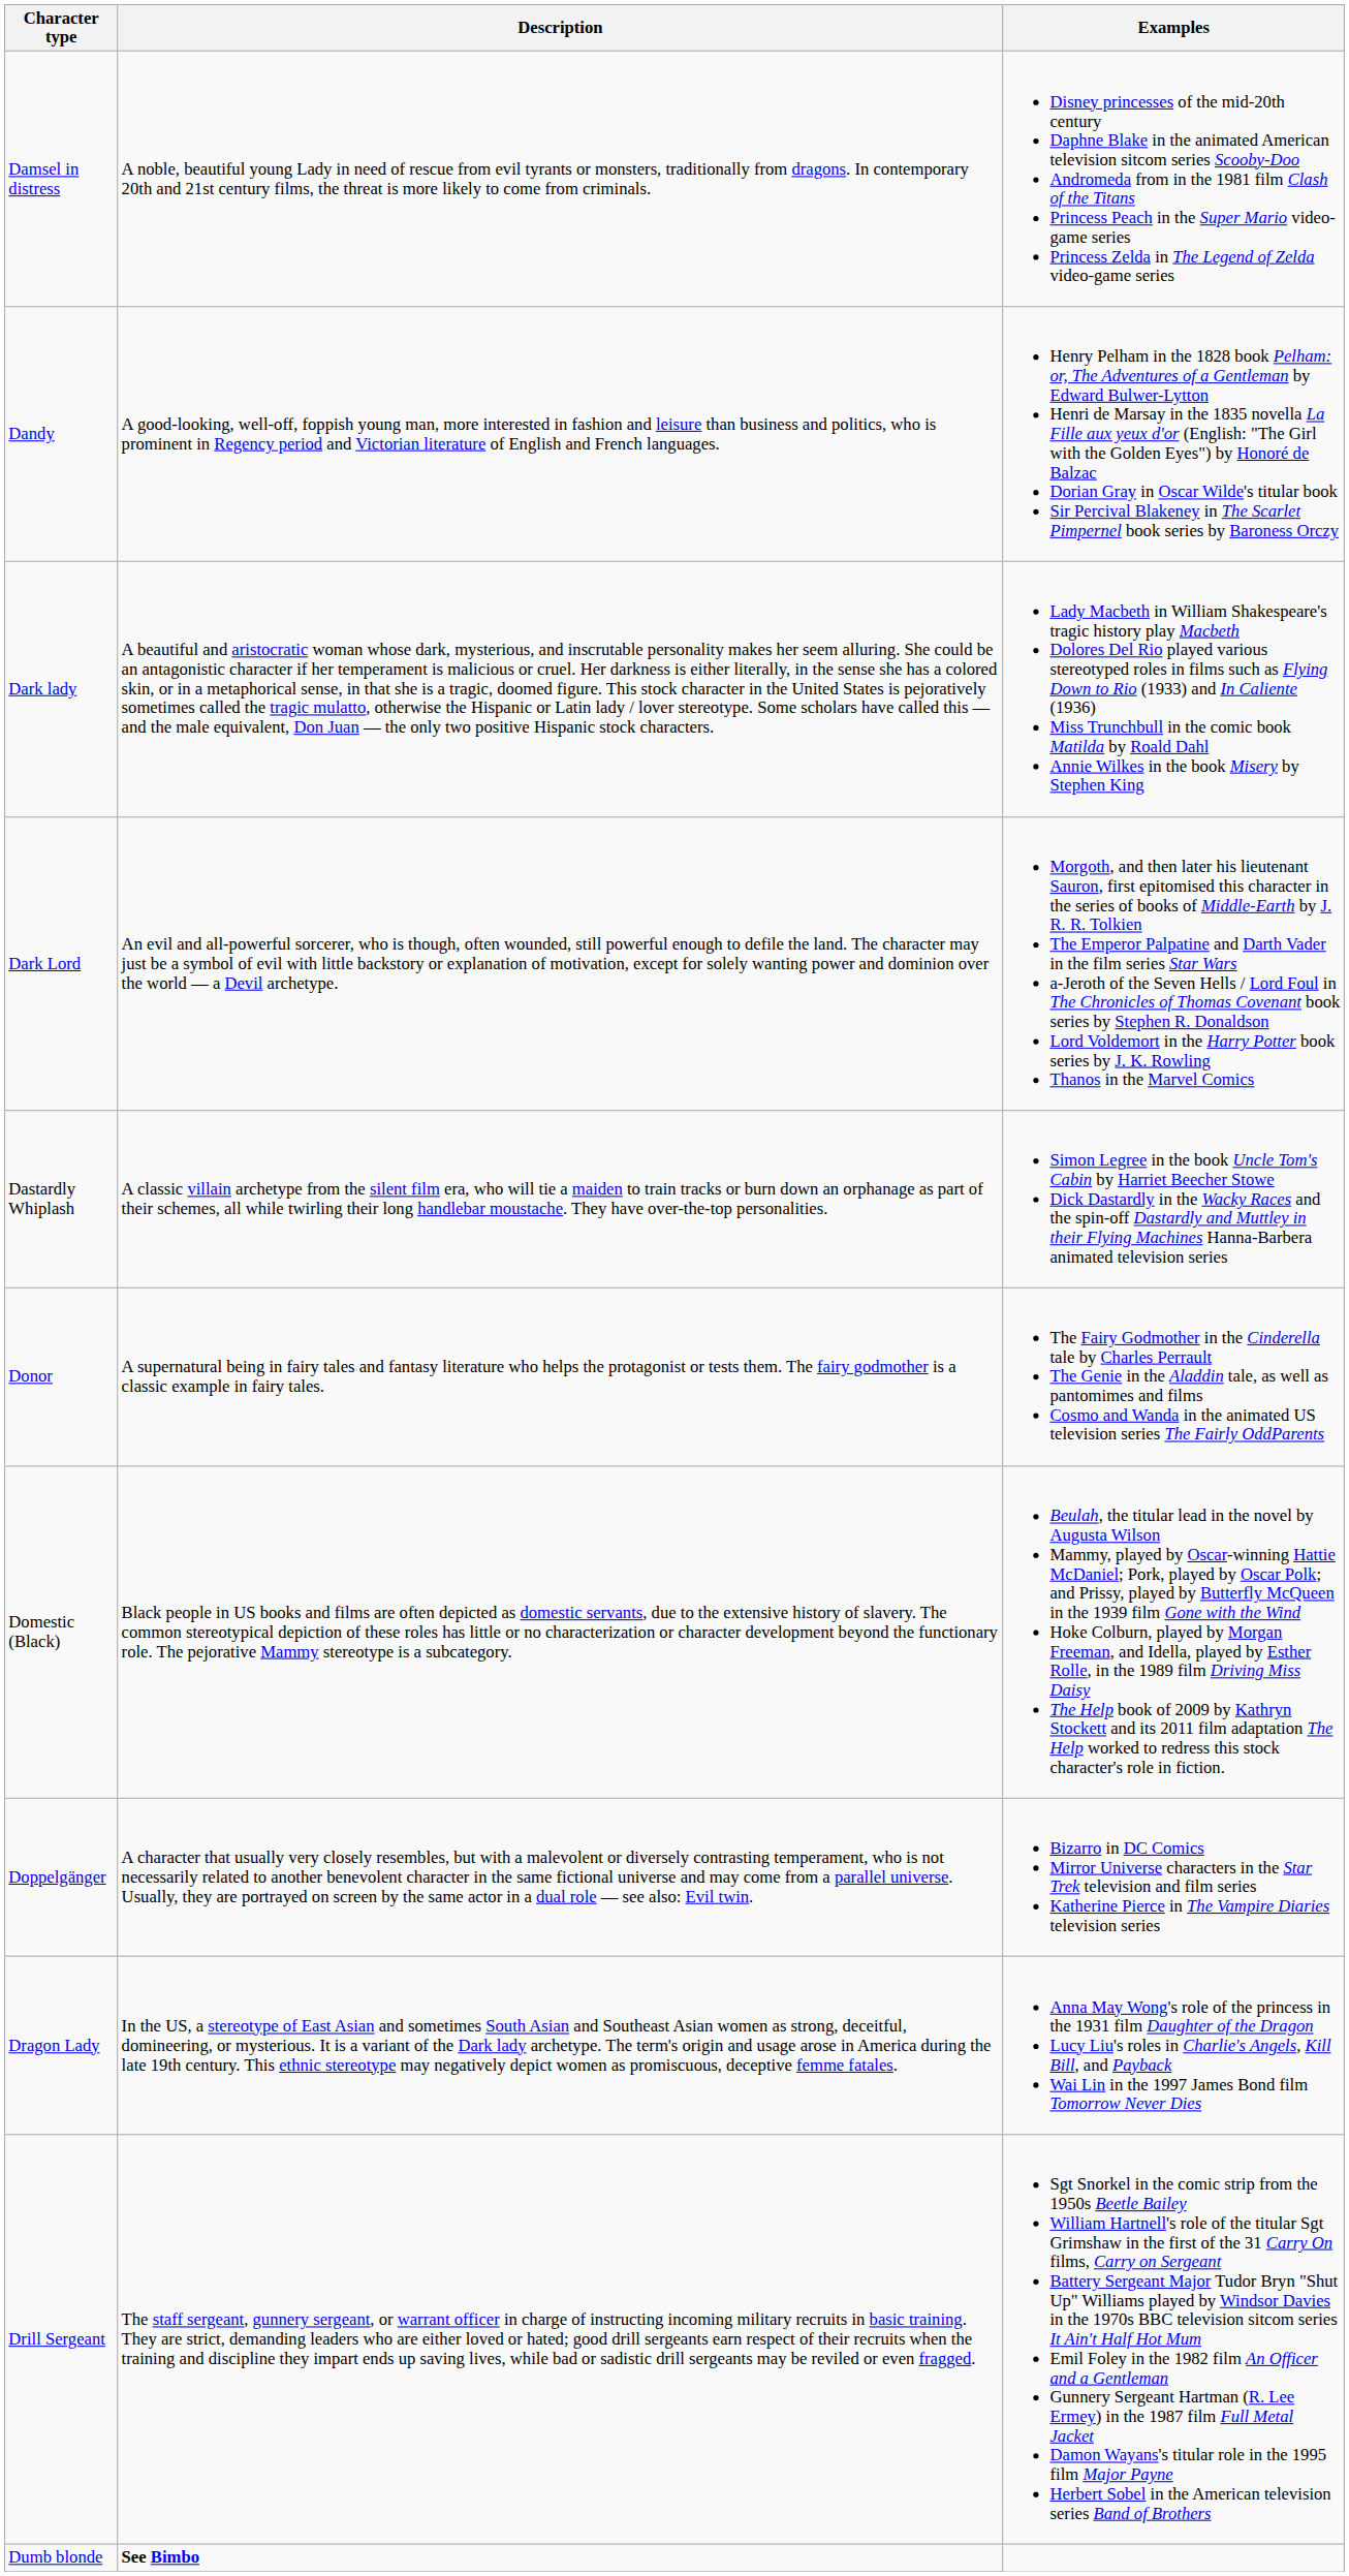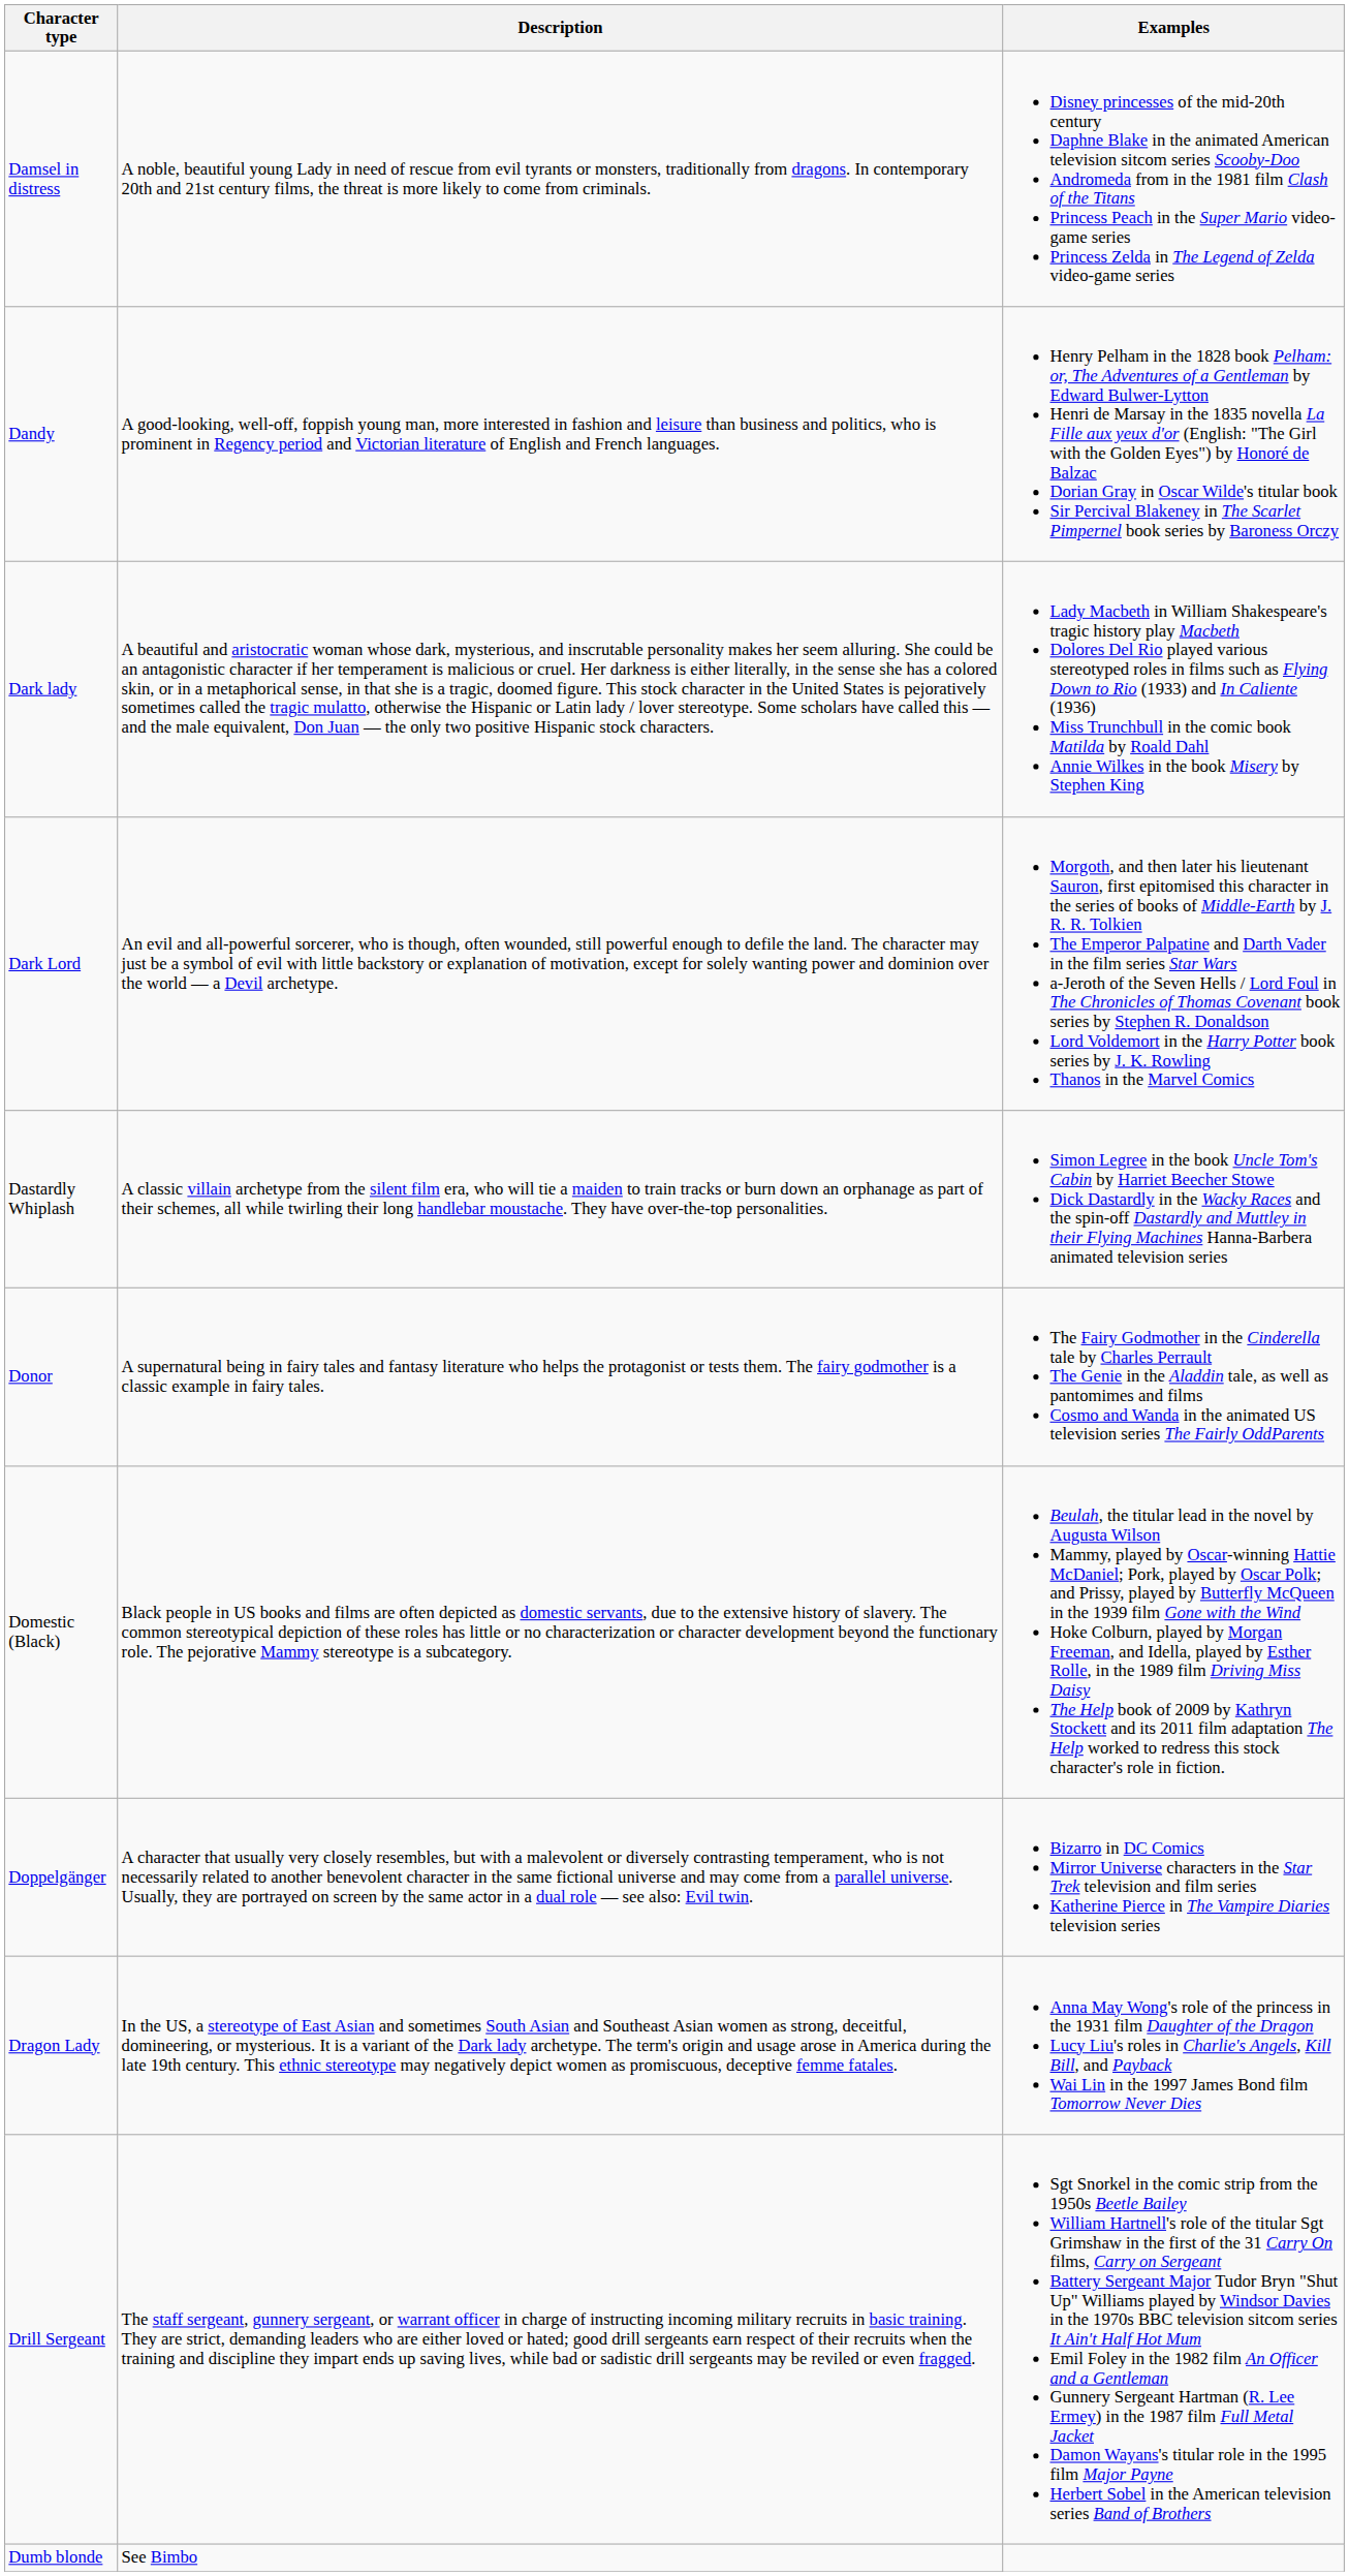 <table class="wikitable">
 <tr>
 <th>Character type</th>
 <th>Description</th>
 <th>Examples</th>
 </tr>
 <tr>
 <td><a href='#'>Damsel in distress</a></td>
 <td>A noble, beautiful young Lady in need of rescue from evil tyrants or monsters, traditionally from <a href='#'>dragons</a>. In contemporary 20th and 21st century films, the threat is more likely to come from criminals.</td>
 <td><br><ul><li><a href='#'>Disney princesses</a> of the mid-20th century</li><li><a href='#'>Daphne Blake</a> in the animated American television sitcom series <em><a href='#'>Scooby-Doo</a></em></li><li><a href='#'>Andromeda</a> from in the 1981 film <em><a href='#'>Clash of the Titans</a></em></li><li><a href='#'>Princess Peach</a> in the <em><a href='#'>Super Mario</a></em> video-game series</li><li><a href='#'>Princess Zelda</a> in <em><a href='#'>The Legend of Zelda</a></em> video-game series</li></ul></td>
 </tr>
 <tr>
 <td><a href='#'>Dandy</a></td>
 <td>A good-looking, well-off, foppish young man, more interested in fashion and <a href='#'>leisure</a> than business and politics, who is prominent in <a href='#'>Regency period</a> and <a href='#'>Victorian literature</a> of English and French languages.</td>
 <td><br><ul><li>Henry Pelham in the 1828 book <a href='#'><em>Pelham: or, The Adventures of a Gentleman</em></a> by <a href='#'>Edward Bulwer-Lytton</a></li><li>Henri de Marsay in the 1835 novella <em><a href='#'>La Fille aux yeux d'or</a></em> (English: "The Girl with the Golden Eyes") by <a href='#'>Honoré de Balzac</a></li><li><a href='#'>Dorian Gray</a> in <a href='#'>Oscar Wilde</a>'s titular book</li><li><a href='#'>Sir Percival Blakeney</a> in <em><a href='#'>The Scarlet Pimpernel</a></em> book series by <a href='#'>Baroness Orczy</a></li></ul></td>
 </tr>
 <tr>
 <td><a href='#'>Dark lady</a></td>
 <td>A beautiful and <a href='#'>aristocratic</a> woman whose dark, mysterious, and inscrutable personality makes her seem alluring. She could be an antagonistic character if her temperament is malicious or cruel. Her darkness is either literally, in the sense she has a colored skin, or in a metaphorical sense, in that she is a tragic, doomed figure. This stock character in the United States is pejoratively sometimes called the <a href='#'>tragic mulatto</a>, otherwise the Hispanic or Latin lady / lover stereotype. Some scholars have called this — and the male equivalent, <a href='#'>Don Juan</a> — the only two positive Hispanic stock characters.</td>
 <td><br><ul><li><a href='#'>Lady Macbeth</a> in William Shakespeare's tragic history play <em><a href='#'>Macbeth</a></em></li><li><a href='#'>Dolores Del Rio</a> played various stereotyped roles in films such as <em><a href='#'>Flying Down to Rio</a></em> (1933) and <em><a href='#'>In Caliente</a></em> (1936)</li><li><a href='#'>Miss Trunchbull</a> in the comic book <em><a href='#'>Matilda</a></em> by <a href='#'>Roald Dahl</a></li><li><a href='#'>Annie Wilkes</a> in the book <em><a href='#'>Misery</a></em> by <a href='#'>Stephen King</a></li></ul></td>
 </tr>
 <tr>
 <td><a href='#'>Dark Lord</a></td>
 <td>An evil and all-powerful sorcerer, who is though, often wounded, still powerful enough to defile the land. The character may just be a symbol of evil with little backstory or explanation of motivation, except for solely wanting power and dominion over the world — a <a href='#'>Devil</a> archetype.</td>
 <td><br><ul><li><a href='#'>Morgoth</a>, and then later his lieutenant <a href='#'>Sauron</a>, first epitomised this character in the series of books of <em><a href='#'>Middle-Earth</a></em> by <a href='#'>J. R. R. Tolkien</a></li><li><a href='#'>The Emperor Palpatine</a> and <a href='#'>Darth Vader</a> in the film series <em><a href='#'>Star Wars</a></em> </li><li>a-Jeroth of the Seven Hells / <a href='#'>Lord Foul</a> in <em><a href='#'>The Chronicles of Thomas Covenant</a></em> book series by <a href='#'>Stephen R. Donaldson</a></li><li><a href='#'>Lord Voldemort</a> in the <em><a href='#'>Harry Potter</a></em> book series by <a href='#'>J. K. Rowling</a></li><li><a href='#'>Thanos</a> in the <a href='#'>Marvel Comics</a></li></ul></td>
 </tr>
 <tr>
 <td>Dastardly Whiplash</td>
 <td>A classic <a href='#'>villain</a> archetype from the <a href='#'>silent film</a> era, who will tie a <a href='#'>maiden</a> to train tracks or burn down an orphanage as part of their schemes, all while twirling their long <a href='#'>handlebar moustache</a>. They have over-the-top personalities.</td>
 <td><br><ul><li><a href='#'>Simon Legree</a> in the book <em><a href='#'>Uncle Tom's Cabin</a></em> by <a href='#'>Harriet Beecher Stowe</a></li><li><a href='#'>Dick Dastardly</a> in the <em><a href='#'>Wacky Races</a></em> and the spin-off <em><a href='#'>Dastardly and Muttley in their Flying Machines</a></em> Hanna-Barbera animated television series</li></ul></td>
 </tr>
 <tr>
 <td><a href='#'>Donor</a></td>
 <td>A supernatural being in fairy tales and fantasy literature who helps the protagonist or tests them. The <a href='#'>fairy godmother</a> is a classic example in fairy tales.</td>
 <td><br><ul><li>The <a href='#'>Fairy Godmother</a> in the <em><a href='#'>Cinderella</a></em> tale by <a href='#'>Charles Perrault</a></li><li><a href='#'>The Genie</a> in the <em><a href='#'>Aladdin</a></em> tale, as well as pantomimes and films</li><li><a href='#'>Cosmo and Wanda</a> in the animated US television series <em><a href='#'>The Fairly OddParents</a></em></li></ul></td>
 </tr>
 <tr>
 <td>Domestic (Black)</td>
 <td>Black people in US books and films are often depicted as <a href='#'>domestic servants</a>, due to the extensive history of slavery. The common stereotypical depiction of these roles has little or no characterization or character development beyond the functionary role. The pejorative <a href='#'>Mammy</a> stereotype is a subcategory.</td>
 <td><br><ul><li><em><a href='#'>Beulah</a></em>, the titular lead in the novel by <a href='#'>Augusta Wilson</a></li><li>Mammy, played by <a href='#'>Oscar</a>-winning <a href='#'>Hattie McDaniel</a>; Pork, played by <a href='#'>Oscar Polk</a>; and Prissy, played by <a href='#'>Butterfly McQueen</a> in the 1939 film <em><a href='#'>Gone with the Wind</a></em></li><li>Hoke Colburn, played by <a href='#'>Morgan Freeman</a>, and Idella, played by <a href='#'>Esther Rolle</a>, in the 1989 film <em><a href='#'>Driving Miss Daisy</a></em></li><li><em><a href='#'>The Help</a></em> book of 2009 by <a href='#'>Kathryn Stockett</a> and its 2011 film adaptation <em><a href='#'>The Help</a></em> worked to redress this stock character's role in fiction.</li></ul></td>
 </tr>
 <tr>
 <td><a href='#'>Doppelgänger</a></td>
 <td>A character that usually very closely resembles, but with a malevolent or diversely contrasting temperament, who is not necessarily related to another benevolent character in the same fictional universe and may come from a <a href='#'>parallel universe</a>. Usually, they are portrayed on screen by the same actor in a <a href='#'>dual role</a> — see also: <a href='#'>Evil twin</a>.</td>
 <td><br><ul><li><a href='#'>Bizarro</a> in <a href='#'>DC Comics</a></li><li><a href='#'>Mirror Universe</a> characters in the <em><a href='#'>Star Trek</a></em> television and film series</li><li><a href='#'>Katherine Pierce</a> in <em><a href='#'>The Vampire Diaries</a></em> television series</li></ul></td>
 </tr>
 <tr>
 <td><a href='#'>Dragon Lady</a></td>
 <td>In the US, a <a href='#'>stereotype of East Asian</a> and sometimes <a href='#'>South Asian</a> and Southeast Asian women as strong, deceitful, domineering, or mysterious. It is a variant of the <a href='#'>Dark lady</a> archetype. The term's origin and usage arose in America during the late 19th century. This <a href='#'>ethnic stereotype</a> may negatively depict women as promiscuous, deceptive <a href='#'>femme fatales</a>.</td>
 <td><br><ul><li><a href='#'>Anna May Wong</a>'s role of the princess in the 1931 film <em><a href='#'>Daughter of the Dragon</a></em></li><li><a href='#'>Lucy Liu</a>'s roles in <em><a href='#'>Charlie's Angels</a></em>, <em><a href='#'>Kill Bill</a></em>, and <em><a href='#'>Payback</a></em></li><li><a href='#'>Wai Lin</a> in the 1997 James Bond film <em><a href='#'>Tomorrow Never Dies</a></em></li></ul></td>
 </tr>
 <tr>
 <td><a href='#'>Drill Sergeant</a></td>
 <td>The <a href='#'>staff sergeant</a>, <a href='#'>gunnery sergeant</a>, or <a href='#'>warrant officer</a> in charge of instructing incoming military recruits in <a href='#'>basic training</a>. They are strict, demanding leaders who are either loved or hated; good drill sergeants earn respect of their recruits when the training and discipline they impart ends up saving lives, while bad or sadistic drill sergeants may be reviled or even <a href='#'>fragged</a>.</td>
 <td><br><ul><li>Sgt Snorkel in the comic strip from the 1950s <em><a href='#'>Beetle Bailey</a></em></li><li><a href='#'>William Hartnell</a>'s role of the titular Sgt Grimshaw in the first of the 31 <em><a href='#'>Carry On</a></em> films, <em><a href='#'>Carry on Sergeant</a></em></li><li><a href='#'>Battery Sergeant Major</a> Tudor Bryn "Shut Up" Williams played by <a href='#'>Windsor Davies</a> in the 1970s BBC television sitcom series <em><a href='#'>It Ain't Half Hot Mum</a></em></li><li>Emil Foley in the 1982 film <em><a href='#'>An Officer and a Gentleman</a></em></li><li>Gunnery Sergeant Hartman (<a href='#'>R. Lee Ermey</a>) in the 1987 film <em><a href='#'>Full Metal Jacket</a></em></li><li><a href='#'>Damon Wayans</a>'s titular role in the 1995 film <em><a href='#'>Major Payne</a></em></li><li><a href='#'>Herbert Sobel</a> in the American television series <em><a href='#'>Band of Brothers</a></em></li></ul></td>
 </tr>
 <tr>
 <td><a href='#'>Dumb blonde</a></td>
-<td><strong>See <a href='#'>Bimbo</a></strong></td>
+<td>See <a href='#'>Bimbo</a></td>
 </tr>
 <tr>
 </tr>
 </table>
